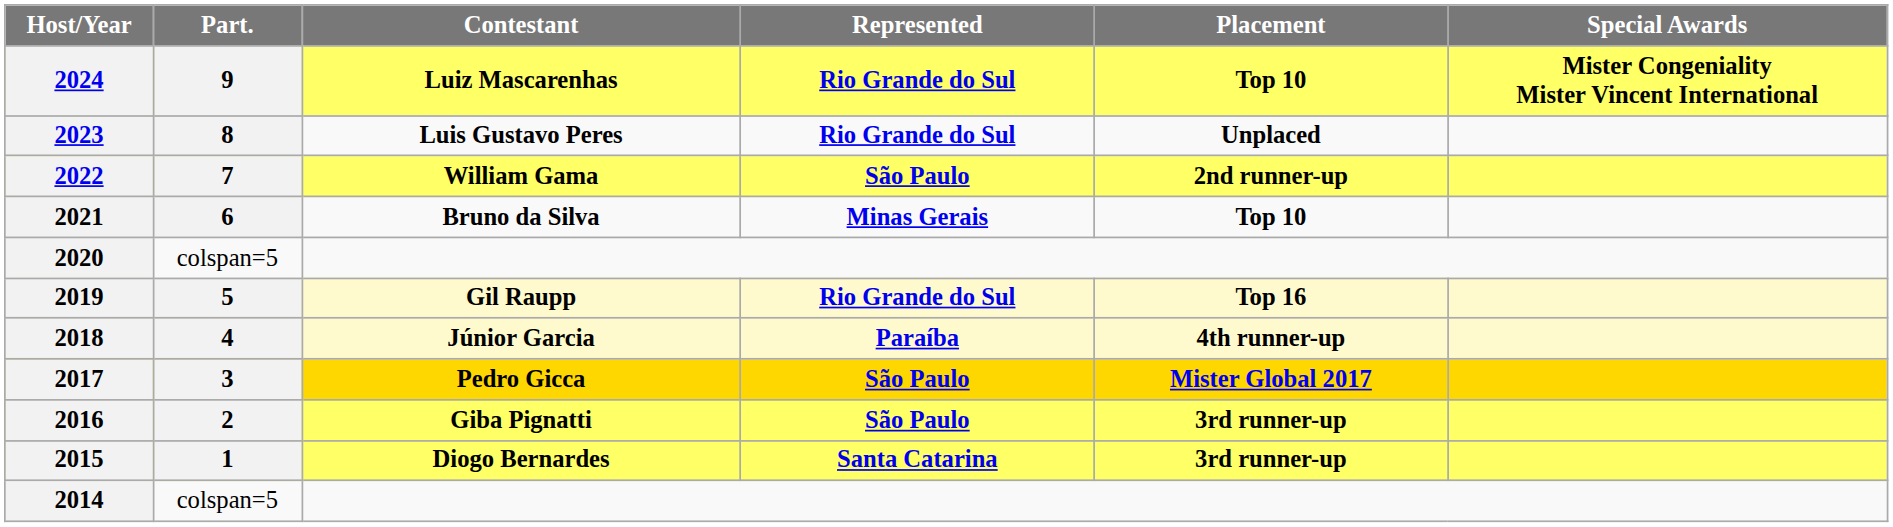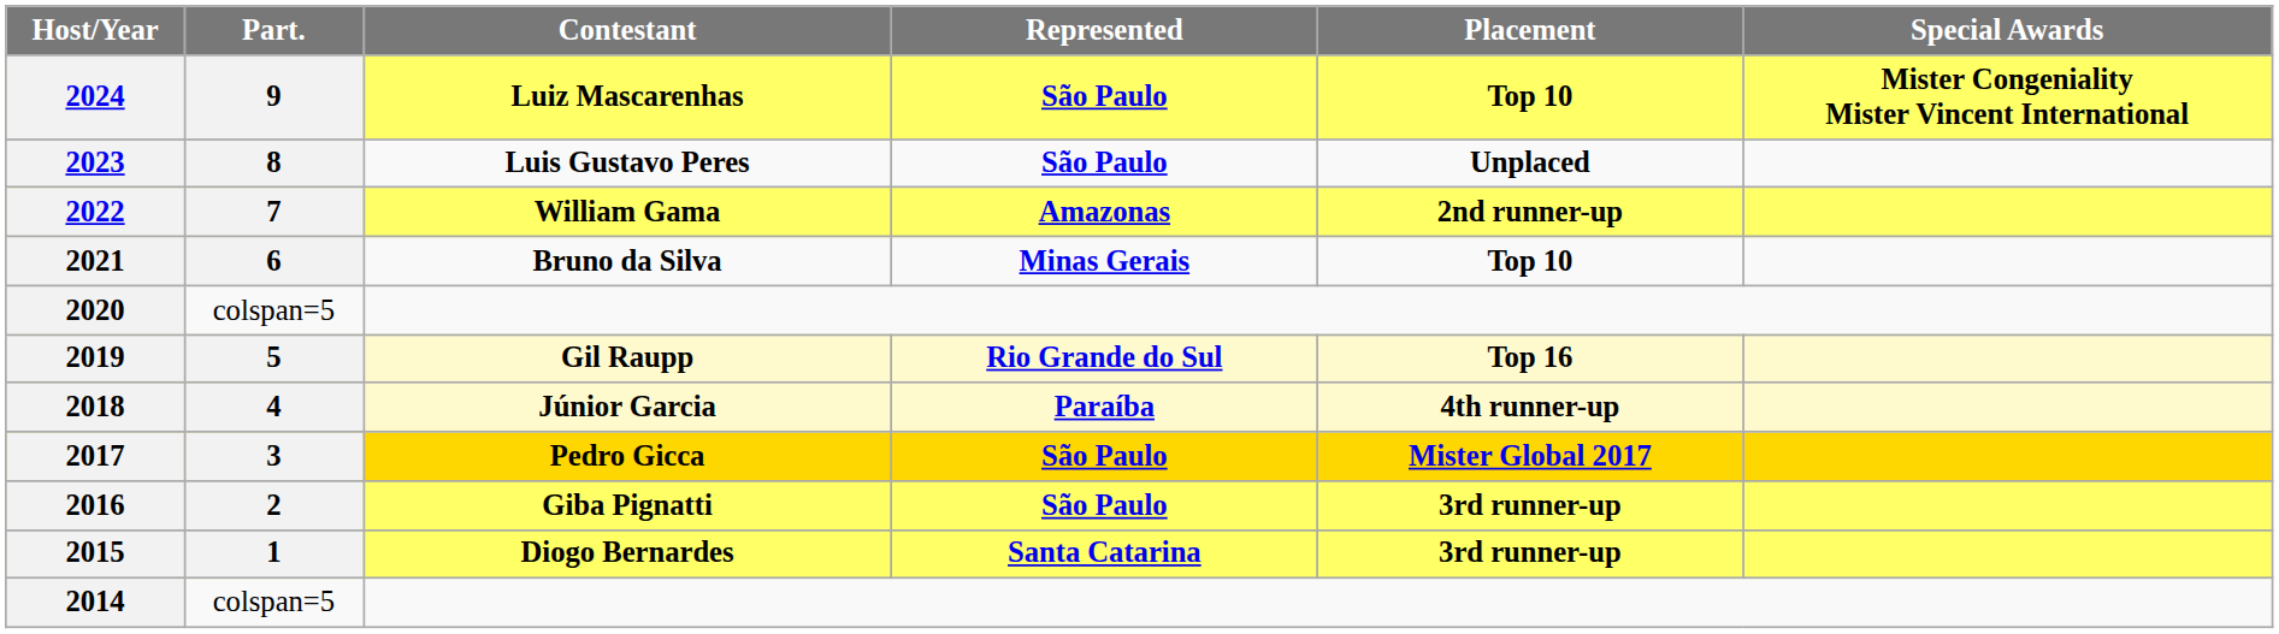 <table class="wikitable sortable" style="font-size: 90%; text-align:center">
 <tr>
 <th width="80" style="background-color:#787878;color:#FFFFFF;">Host/Year</th>
 <th width="80" style="background-color:#787878;color:#FFFFFF;">Part.</th>
 <th width="250" style="background-color:#787878;color:#FFFFFF;">Contestant</th>
 <th width="200" style="background-color:#787878;color:#FFFFFF;">Represented</th>
 <th width="200" style="background-color:#787878;color:#FFFFFF;">Placement</th>
 <th width="250" style="background-color:#787878;color:#FFFFFF;">Special Awards</th>
 </tr>
 <tr bgcolor= "FFFF66">
 <th><a href='#'>2024</a></th>
 <th>9</th>
 <td><strong>Luiz Mascarenhas</strong></td>
-<td><strong><a href='#'>Rio Grande do Sul</a></strong></td>
+<td><strong><a href='#'>São Paulo</a></strong></td>
 <td><strong>Top 10</strong></td>
 <td><strong>Mister Congeniality<br>Mister Vincent International</strong></td>
 </tr>
 <tr>
 <th><a href='#'>2023</a></th>
 <th>8</th>
 <td><strong>Luis Gustavo Peres</strong></td>
-<td><strong><a href='#'>Rio Grande do Sul</a></strong></td>
+<td><strong><a href='#'>São Paulo</a></strong></td>
 <td><strong>Unplaced</strong></td>
 <td></td>
 </tr>
 <tr bgcolor= "FFFF66">
 <th><a href='#'>2022</a></th>
 <th>7</th>
 <td><strong>William Gama</strong></td>
-<td><strong><a href='#'>São Paulo</a></strong></td>
+<td><strong><a href='#'>Amazonas</a></strong></td>
 <td><strong>2nd runner-up</strong></td>
 <td></td>
 </tr>
 <tr>
 <th>2021</th>
 <th>6</th>
 <td><strong>Bruno da Silva</strong></td>
 <td><strong><a href='#'>Minas Gerais</a></strong></td>
 <td><strong>Top 10</strong></td>
 <td></td>
 </tr>
 <tr>
 <th>2020</th>
 <td>colspan=5 </td>
 </tr>
 <tr bgcolor="FFFACD">
 <th>2019</th>
 <th>5</th>
 <td><strong>Gil Raupp</strong></td>
 <td><strong><a href='#'>Rio Grande do Sul</a></strong></td>
 <td><strong>Top 16</strong></td>
 <td></td>
 </tr>
 <tr bgcolor="FFFACD">
 <th>2018</th>
 <th>4</th>
 <td><strong>Júnior Garcia</strong></td>
 <td><strong><a href='#'>Paraíba</a></strong></td>
 <td><strong>4th runner-up</strong></td>
 <td></td>
 </tr>
 <tr bgcolor="gold">
 <th>2017</th>
 <th>3</th>
 <td><strong>Pedro Gicca</strong></td>
 <td><strong><a href='#'>São Paulo</a></strong></td>
 <td><strong><a href='#'>Mister Global 2017</a></strong></td>
 <td></td>
 </tr>
 <tr bgcolor="FFFF66">
 <th>2016</th>
 <th>2</th>
 <td><strong>Giba Pignatti</strong></td>
 <td><strong><a href='#'>São Paulo</a></strong></td>
 <td><strong>3rd runner-up</strong></td>
 <td></td>
 </tr>
 <tr bgcolor="FFFF66">
 <th>2015</th>
 <th>1</th>
 <td><strong>Diogo Bernardes</strong></td>
 <td><strong><a href='#'>Santa Catarina</a></strong></td>
 <td><strong>3rd runner-up</strong></td>
 <td></td>
 </tr>
 <tr>
 <th>2014</th>
 <td>colspan=5 </td>
 </tr>
 </table>
